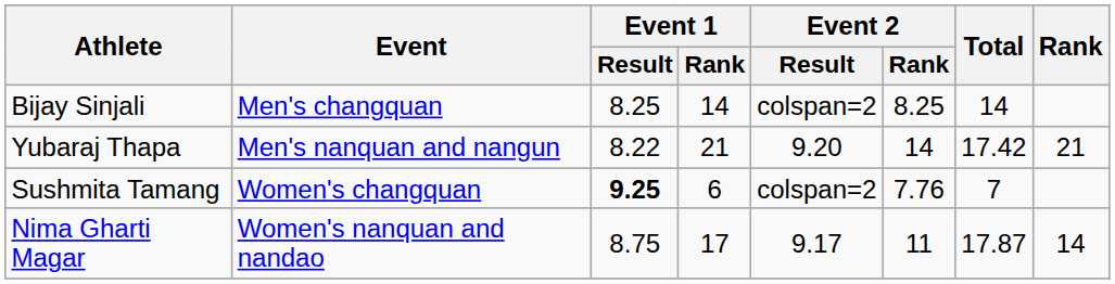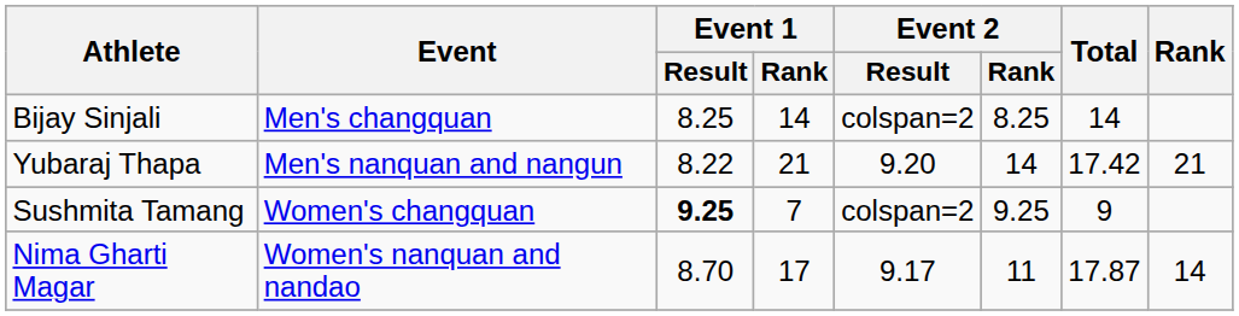 <table class=wikitable style=font-size:90%;text-align:center>
 <tr>
 <th rowspan="2">Athlete</th>
 <th rowspan="2">Event</th>
 <th colspan="2">Event 1</th>
 <th colspan="2">Event 2</th>
 <th rowspan="2">Total</th>
 <th rowspan="2">Rank</th>
 </tr>
 <tr style="font-size:95%">
 <th>Result</th>
 <th>Rank</th>
 <th>Result</th>
 <th>Rank</th>
 </tr>
 <tr>
 <td align=left>Bijay Sinjali</td>
 <td align=left><a href='#'>Men's changquan</a></td>
 <td>8.25</td>
 <td>14</td>
 <td>colspan=2 </td>
 <td>8.25</td>
 <td>14</td>
 </tr>
 <tr>
 <td align=left>Yubaraj Thapa</td>
 <td align=left><a href='#'>Men's nanquan and nangun</a></td>
 <td>8.22</td>
 <td>21</td>
 <td>9.20</td>
 <td>14</td>
 <td>17.42</td>
 <td>21</td>
 </tr>
 <tr>
 <td align=left>Sushmita Tamang</td>
 <td align=left><a href='#'>Women's changquan</a></td>
 <td><strong>9.25</strong></td>
-<td>6</td>
+<td>7</td>
 <td>colspan=2 </td>
-<td>7.76</td>
-<td>7</td>
+<td>9.25</td>
+<td>9</td>
 </tr>
 <tr>
 <td align=left><a href='#'>Nima Gharti Magar</a></td>
 <td align=left><a href='#'>Women's nanquan and nandao</a></td>
-<td>8.75</td>
+<td>8.70</td>
 <td>17</td>
 <td>9.17</td>
 <td>11</td>
 <td>17.87</td>
 <td>14</td>
 </tr>
 </table>
